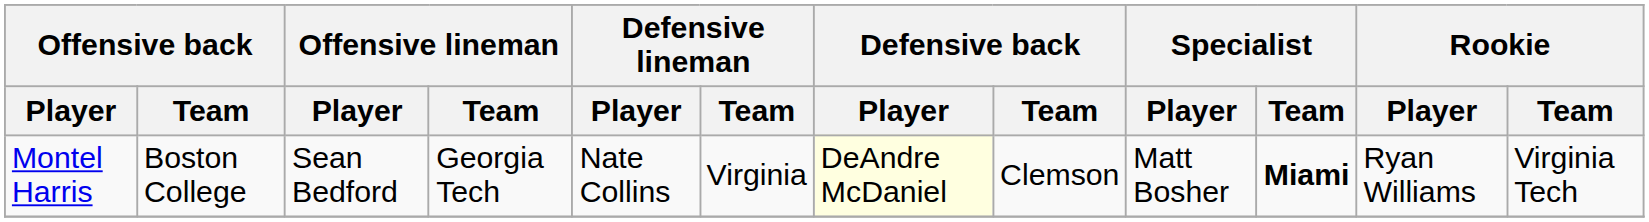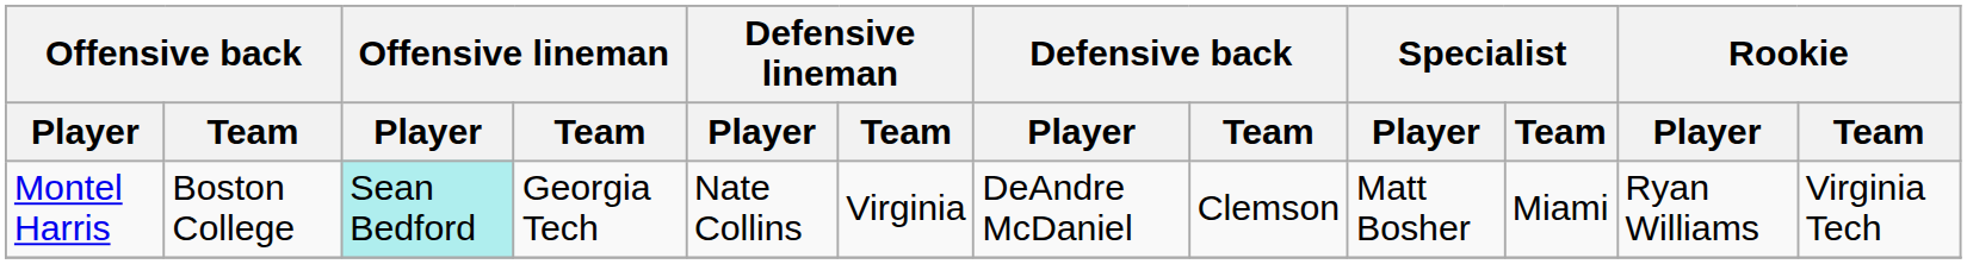 <table class="wikitable" border="1">
 <tr>
 <th colspan="2">Offensive back</th>
 <th colspan="2">Offensive lineman</th>
 <th colspan="2">Defensive lineman</th>
 <th colspan="2">Defensive back</th>
 <th colspan="2">Specialist</th>
 <th colspan="2">Rookie</th>
 </tr>
 <tr>
 <th>Player</th>
 <th>Team</th>
 <th>Player</th>
 <th>Team</th>
 <th>Player</th>
 <th>Team</th>
 <th>Player</th>
 <th>Team</th>
 <th>Player</th>
 <th>Team</th>
 <th>Player</th>
 <th>Team</th>
 </tr>
 <tr>
 <td><a href='#'>Montel Harris</a></td>
 <td>Boston College</td>
-<td>Sean Bedford</td>
+<td style="background: paleturquoise;">Sean Bedford</td>
 <td>Georgia Tech</td>
 <td>Nate Collins</td>
 <td>Virginia</td>
-<td style="background: lightyellow;">DeAndre McDaniel</td>
+<td>DeAndre McDaniel</td>
 <td>Clemson</td>
 <td>Matt Bosher</td>
-<td><strong>Miami</strong></td>
+<td>Miami</td>
 <td>Ryan Williams</td>
 <td>Virginia Tech</td>
 </tr>
 <tr>
 </tr>
 </table>
